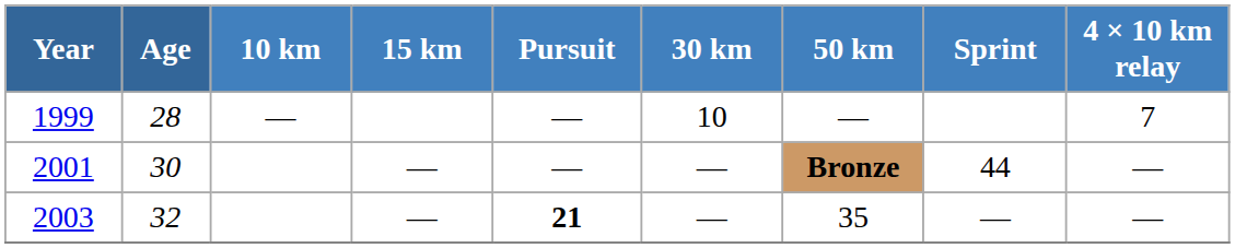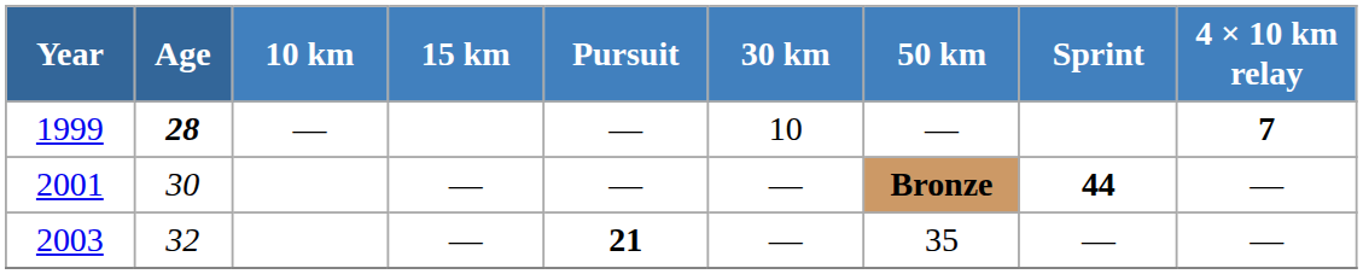 <table class="wikitable" style="font-size:95%; text-align:center; border:grey solid 1px; border-collapse:collapse; background:#ffffff;">
 <tr>
 <th style="background-color:#369; color:white; width:60px;"> Year </th>
 <th style="background-color:#369; color:white; width:40px;"> Age </th>
 <th style="background-color:#4180be; color:white; width:75px;"> 10 km </th>
 <th style="background-color:#4180be; color:white; width:75px;"> 15 km </th>
 <th style="background-color:#4180be; color:white; width:75px;"> Pursuit </th>
 <th style="background-color:#4180be; color:white; width:75px;"> 30 km </th>
 <th style="background-color:#4180be; color:white; width:75px;"> 50 km </th>
 <th style="background-color:#4180be; color:white; width:75px;"> Sprint </th>
 <th style="background-color:#4180be; color:white; width:75px;"> 4 × 10 km <br> relay </th>
 </tr>
 <tr>
 <td><a href='#'>1999</a></td>
-<td><em>28</em></td>
+<td><strong><em>28</em></strong></td>
 <td>—</td>
 <td></td>
 <td>—</td>
 <td>10</td>
 <td>—</td>
 <td></td>
-<td>7</td>
+<td><strong>7</strong></td>
 </tr>
 <tr>
 <td><a href='#'>2001</a></td>
 <td><em>30</em></td>
 <td></td>
 <td>—</td>
 <td>—</td>
 <td>—</td>
 <td bgcolor="cc9966"><strong>Bronze</strong></td>
-<td>44</td>
+<td><strong>44</strong></td>
 <td>—</td>
 </tr>
 <tr>
 <td><a href='#'>2003</a></td>
 <td><em>32</em></td>
 <td></td>
 <td>—</td>
 <td><strong>21</strong></td>
 <td>—</td>
 <td>35</td>
 <td>—</td>
 <td>—</td>
 </tr>
 <tr>
 </tr>
 </table>
